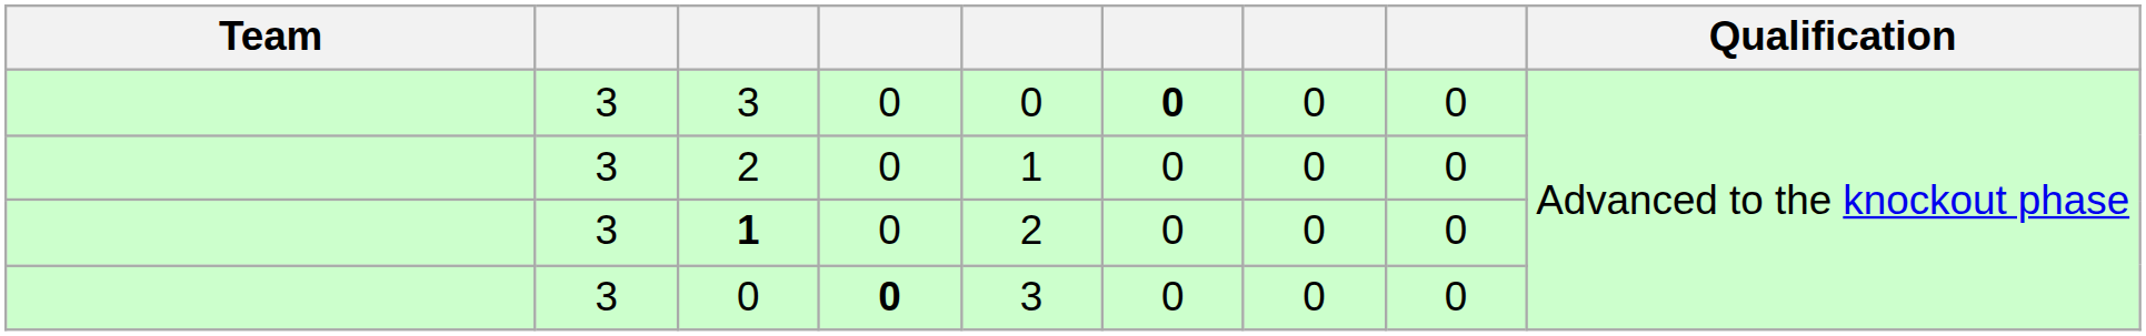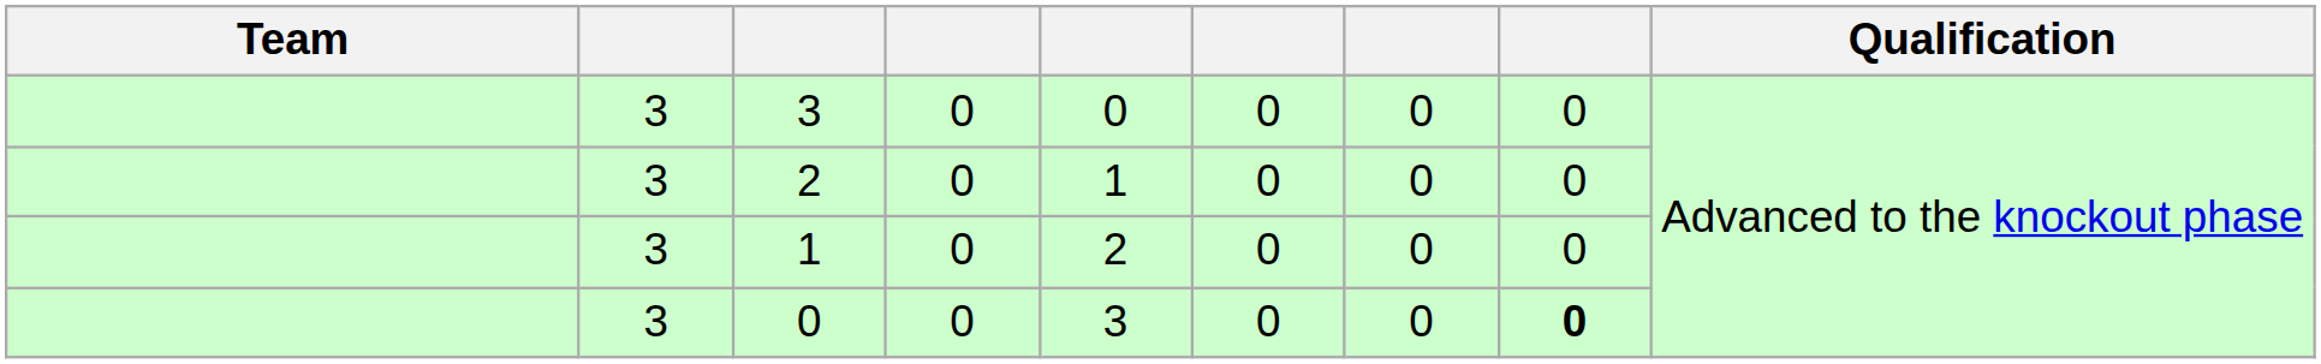 <table class=wikitable style="text-align: center;">
 <tr>
 <th style="width: 12.5em;" scope="col">Team</th>
 <th style="width: 3em;" scope="col"></th>
 <th style="width: 3em;" scope="col"></th>
 <th style="width: 3em;" scope="col"></th>
 <th style="width: 3em;" scope="col"></th>
 <th style="width: 3em;" scope="col"></th>
 <th style="width: 3em;" scope="col"></th>
 <th style="width: 3em;" scope="col"></th>
 <th scope="col">Qualification</th>
 </tr>
 <tr style="background-color: #CCFFCC;">
 <td style="text-align: left;"></td>
 <td>3</td>
 <td>3</td>
 <td>0</td>
 <td>0</td>
-<td><strong>0</strong></td>
+<td>0</td>
 <td>0</td>
 <td>0</td>
 <td rowspan="4">Advanced to the <a href='#'>knockout phase</a></td>
 </tr>
 <tr style="background-color: #CCFFCC;">
 <td style="text-align: left;"></td>
 <td>3</td>
 <td>2</td>
 <td>0</td>
 <td>1</td>
 <td>0</td>
 <td>0</td>
 <td>0</td>
 </tr>
 <tr style="background-color: #CCFFCC;">
 <td style="text-align: left;"></td>
 <td>3</td>
-<td><strong>1</strong></td>
+<td>1</td>
 <td>0</td>
 <td>2</td>
 <td>0</td>
 <td>0</td>
 <td>0</td>
 </tr>
 <tr style="background-color: #CCFFCC;">
 <td style="text-align: left;"></td>
 <td>3</td>
 <td>0</td>
-<td><strong>0</strong></td>
+<td>0</td>
 <td>3</td>
 <td>0</td>
 <td>0</td>
-<td>0</td>
+<td><strong>0</strong></td>
 </tr>
 </table>
